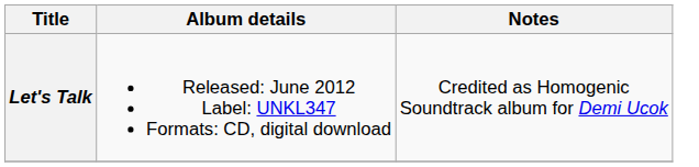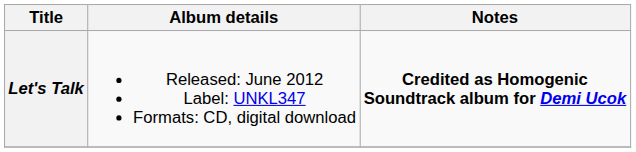 <table class="wikitable plainrowheaders" style=text-align:center;">
 <tr>
 <th scope="col">Title</th>
 <th scope="col">Album details</th>
 <th scope="col">Notes</th>
 </tr>
 <tr>
 <th scope="row"><em>Let's Talk</em></th>
 <td><br><ul><li>Released: June 2012</li><li>Label: <a href='#'>UNKL347</a></li><li>Formats: CD, digital download</li></ul></td>
-<td>Credited as Homogenic <br> Soundtrack album for <em><a href='#'>Demi Ucok</a></em></td>
+<td><strong>Credited as Homogenic <br> Soundtrack album for <em><a href='#'>Demi Ucok</a></em></strong></td>
 </tr>
 <tr>
 </tr>
 </table>
